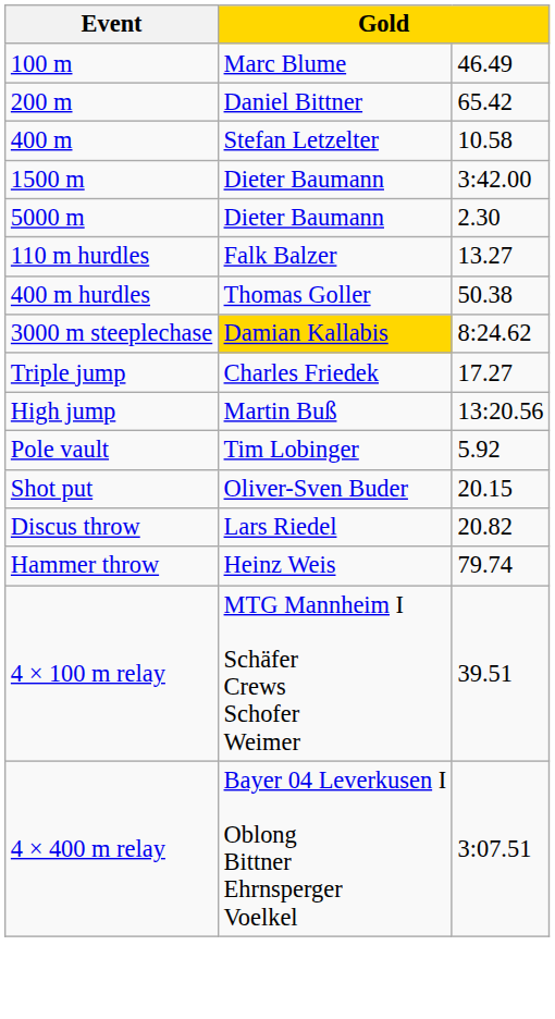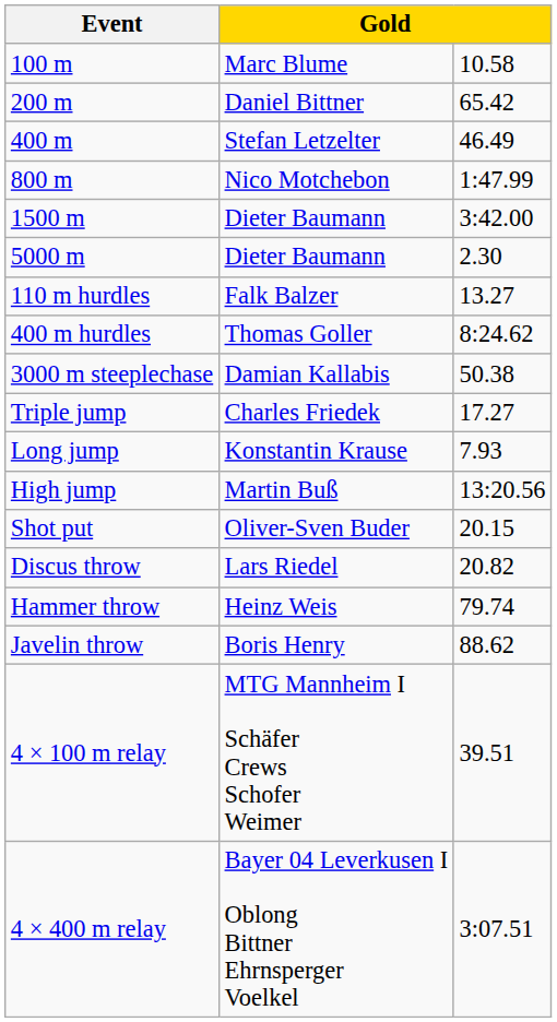 <table class="wikitable">
 <tr>
 <th>Event</th>
 <th style="background:gold;" colspan=2>Gold</th>
 </tr>
 <tr>
 <td><a href='#'>100 m</a></td>
 <td><a href='#'>Marc Blume</a></td>
-<td>46.49 </td>
+<td>10.58</td>
 </tr>
 <tr>
 <td><a href='#'>200 m</a></td>
 <td><a href='#'>Daniel Bittner</a></td>
 <td>65.42</td>
 </tr>
 <tr>
 <td><a href='#'>400 m</a></td>
 <td><a href='#'>Stefan Letzelter</a></td>
-<td>10.58</td>
+<td>46.49 </td>
+</tr>
+<tr>
+<td><a href='#'>800 m</a></td>
+<td><a href='#'>Nico Motchebon</a></td>
+<td>1:47.99</td>
 </tr>
 <tr>
 <td><a href='#'>1500 m</a></td>
 <td><a href='#'>Dieter Baumann</a></td>
 <td>3:42.00 </td>
 </tr>
 <tr>
 <td><a href='#'>5000 m</a></td>
 <td><a href='#'>Dieter Baumann</a></td>
 <td>2.30</td>
 </tr>
 <tr>
 <td><a href='#'>110 m hurdles</a></td>
 <td><a href='#'>Falk Balzer</a></td>
 <td>13.27</td>
 </tr>
 <tr>
 <td><a href='#'>400 m hurdles</a></td>
 <td><a href='#'>Thomas Goller</a></td>
-<td>50.38</td>
+<td>8:24.62</td>
 </tr>
 <tr>
 <td><a href='#'>3000 m steeplechase</a></td>
-<td style="background: gold;"><a href='#'>Damian Kallabis</a></td>
-<td>8:24.62</td>
+<td><a href='#'>Damian Kallabis</a></td>
+<td>50.38</td>
 </tr>
 <tr>
 <td><a href='#'>Triple jump</a></td>
 <td><a href='#'>Charles Friedek</a></td>
 <td>17.27</td>
 </tr>
 <tr>
+<td><a href='#'>Long jump</a></td>
+<td><a href='#'>Konstantin Krause</a></td>
+<td>7.93</td>
+</tr>
+<tr>
 <td><a href='#'>High jump</a></td>
 <td><a href='#'>Martin Buß</a></td>
 <td>13:20.56</td>
-</tr>
-<tr>
-<td><a href='#'>Pole vault</a></td>
-<td><a href='#'>Tim Lobinger</a></td>
-<td>5.92 </td>
 </tr>
 <tr>
 <td><a href='#'>Shot put</a></td>
 <td><a href='#'>Oliver-Sven Buder</a></td>
 <td>20.15</td>
 </tr>
 <tr>
 <td><a href='#'>Discus throw</a></td>
 <td><a href='#'>Lars Riedel</a></td>
 <td>20.82</td>
 </tr>
 <tr>
 <td><a href='#'>Hammer throw</a></td>
 <td><a href='#'>Heinz Weis</a></td>
 <td>79.74</td>
 </tr>
 <tr>
+<td><a href='#'>Javelin throw</a></td>
+<td><a href='#'>Boris Henry</a></td>
+<td>88.62</td>
+</tr>
+<tr>
 <td><a href='#'>4 × 100 m relay</a></td>
 <td><a href='#'>MTG Mannheim</a> I <br><br>Schäfer <br> Crews <br> Schofer <br> Weimer</td>
 <td>39.51</td>
 </tr>
 <tr>
 <td><a href='#'>4 × 400 m relay</a></td>
 <td><a href='#'>Bayer 04 Leverkusen</a> I <br><br>Oblong <br> Bittner <br> Ehrnsperger <br> Voelkel</td>
 <td>3:07.51</td>
 </tr>
 </table>
